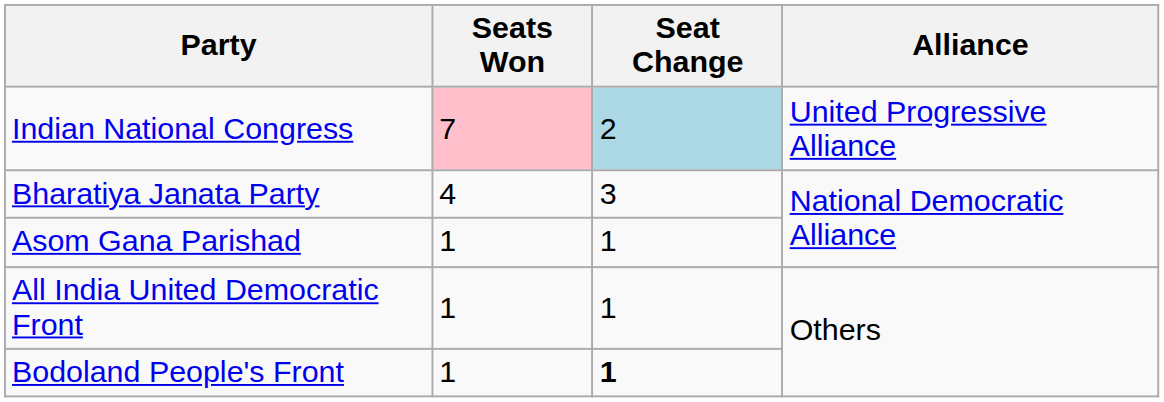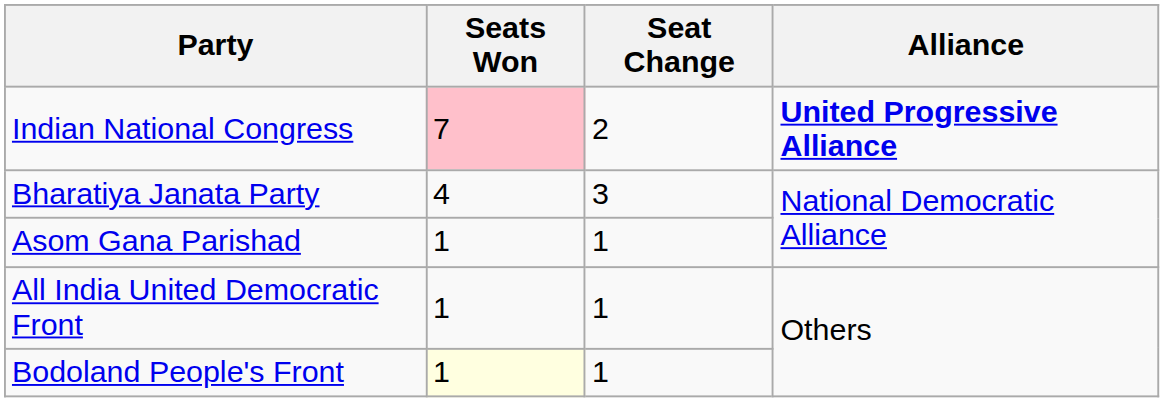 <table class="wikitable">
 <tr>
 <th>Party</th>
 <th>Seats Won</th>
 <th>Seat Change</th>
 <th>Alliance</th>
 </tr>
 <tr>
 <td><a href='#'>Indian National Congress</a></td>
 <td style="background: pink;">7</td>
-<td style="background: lightblue;"> 2</td>
-<td><a href='#'>United Progressive Alliance</a></td>
+<td> 2</td>
+<td><strong><a href='#'>United Progressive Alliance</a></strong></td>
 </tr>
 <tr>
 <td><a href='#'>Bharatiya Janata Party</a></td>
 <td>4</td>
 <td>3</td>
 <td rowspan="2"><a href='#'>National Democratic Alliance</a></td>
 </tr>
 <tr>
 <td><a href='#'>Asom Gana Parishad</a></td>
 <td>1</td>
 <td> 1</td>
 </tr>
 <tr>
 <td><a href='#'>All India United Democratic Front</a></td>
 <td>1</td>
 <td>1</td>
 <td rowspan="2">Others</td>
 </tr>
 <tr>
 <td><a href='#'>Bodoland People's Front</a></td>
+<td style="background: lightyellow;">1</td>
 <td>1</td>
-<td><strong>1</strong></td>
 </tr>
 </table>
